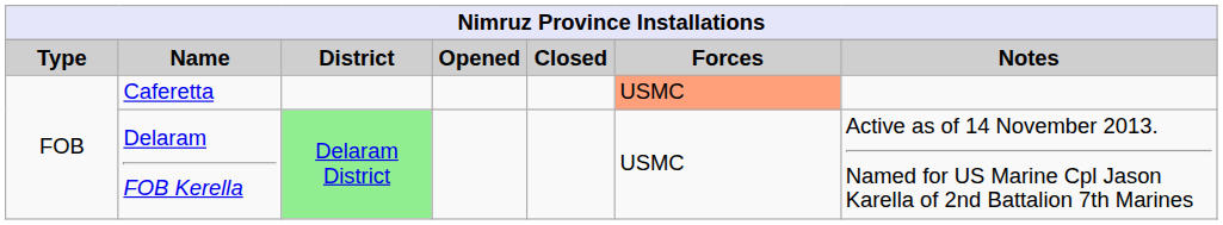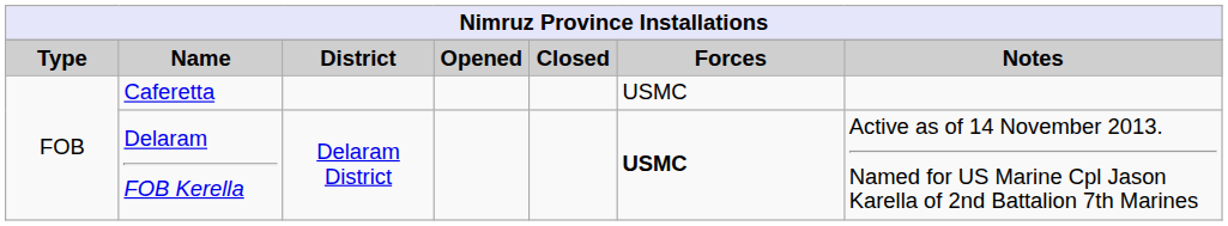 <table class="wikitable sortable" width="100%">
 <tr>
 <th style="align: center; background: lavender" colspan="7"><strong>Nimruz Province Installations</strong></th>
 </tr>
 <tr style="background:#efefef; color:black">
 </tr>
 <tr>
 <th style="background-color:#cfcfcf;" align="center" width="9%" align="center">Type</th>
 <th style="background-color:#cfcfcf;" align="center" width="13%">Name</th>
 <th style="background-color:#cfcfcf;" align="center" width="12%">District</th>
 <th style="background-color:#cfcfcf;" align="center" width="7%">Opened</th>
 <th style="background-color:#cfcfcf;" align="center" width="7%">Closed</th>
 <th style="background-color:#cfcfcf;" align="center" width="18%" class="unsortable">Forces</th>
 <th style="background-color:#cfcfcf;" align="center" width="30%" class="unsortable">Notes</th>
 </tr>
 <tr>
 <td rowspan="2" align="center">FOB</td>
 <td><a href='#'>Caferetta</a></td>
 <td align="center"></td>
 <td align="center"></td>
 <td align="center"></td>
-<td style="background: lightsalmon;"> USMC</td>
+<td> USMC</td>
 <td></td>
 </tr>
 <tr>
 <td><a href='#'>Delaram</a><hr><em><a href='#'>FOB Kerella</a></em></td>
-<td align="center" style="background: lightgreen;"><a href='#'>Delaram District</a></td>
+<td align="center"><a href='#'>Delaram District</a></td>
 <td align="center"></td>
 <td align="center"></td>
-<td> USMC</td>
+<td><strong> USMC</strong></td>
 <td>Active as of 14 November 2013.<hr>Named for US Marine Cpl Jason Karella of 2nd Battalion 7th Marines</td>
 </tr>
 </table>
